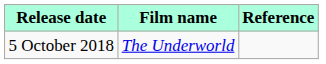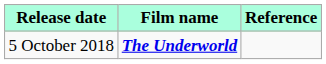 <table class="wikitable">
 <tr style="background:#ffc; text-align:center;">
 <th style="background:#afd"><strong>Release date</strong></th>
 <th style="background:#afd"><strong>Film name</strong></th>
 <th style="background:#afd"><strong>Reference</strong></th>
 </tr>
 <tr>
 <td>5 October 2018</td>
-<td><a href='#'><em>The Underworld</em></a></td>
+<td><strong><a href='#'><em>The Underworld</em></a></strong></td>
 </tr>
 </table>
